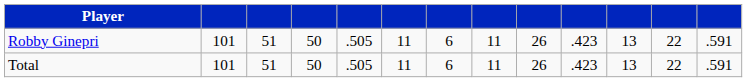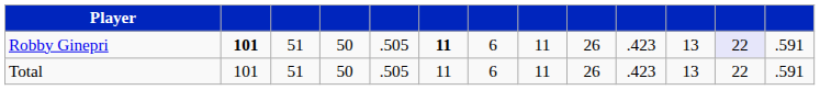 <table class="wikitable" style="text-align:center">
 <tr>
 <th style="background:#0025BD; color:white" width="200px">Player</th>
 <th style="background:#0025BD; color:white" width="40px"></th>
 <th style="background:#0025BD; color:white" width="40px"></th>
 <th style="background:#0025BD; color:white" width="40px"></th>
 <th style="background:#0025BD; color:white" width="40px"></th>
 <th style="background:#0025BD; color:white" width="40px"></th>
 <th style="background:#0025BD; color:white" width="40px"></th>
 <th style="background:#0025BD; color:white" width="40px"></th>
 <th style="background:#0025BD; color:white" width="40px"></th>
 <th style="background:#0025BD; color:white" width="40px"></th>
 <th style="background:#0025BD; color:white" width="40px"></th>
 <th style="background:#0025BD; color:white" width="40px"></th>
 <th style="background:#0025BD; color:white" width="40px"></th>
 </tr>
 <tr>
 <td style="text-align:left"><a href='#'>Robby Ginepri</a></td>
-<td>101</td>
+<td><strong>101</strong></td>
 <td>51</td>
 <td>50</td>
 <td>.505</td>
-<td>11</td>
+<td><strong>11</strong></td>
 <td>6</td>
 <td>11</td>
 <td>26</td>
 <td>.423</td>
 <td>13</td>
-<td>22</td>
+<td style="background: lavender;">22</td>
 <td>.591</td>
 </tr>
 <tr>
 <td style="text-align:left">Total</td>
 <td>101</td>
 <td>51</td>
 <td>50</td>
 <td>.505</td>
 <td>11</td>
 <td>6</td>
 <td>11</td>
 <td>26</td>
 <td>.423</td>
 <td>13</td>
 <td>22</td>
 <td>.591</td>
 </tr>
 </table>
